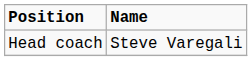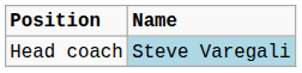 <table class="wikitable">
 <tr>
 <td><strong>Position</strong></td>
 <td><strong>Name</strong></td>
 </tr>
 <tr>
 <td>Head coach</td>
-<td> Steve Varegali</td>
+<td style="background: lightblue;"> Steve Varegali</td>
 </tr>
 <tr>
 </tr>
 </table>
